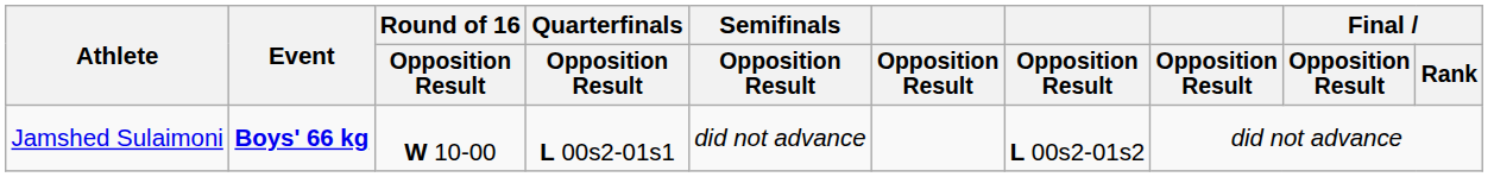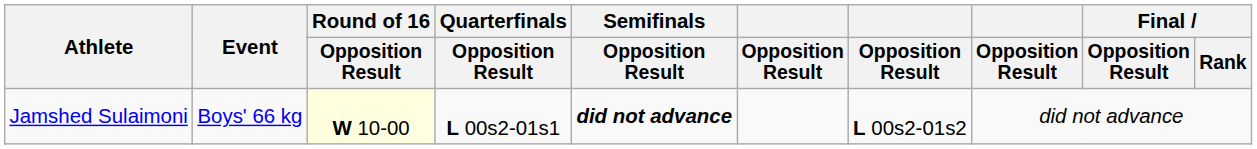 <table class="wikitable" style="text-align:center;font-size:90%">
 <tr>
 <th rowspan=2>Athlete</th>
 <th rowspan=2>Event</th>
 <th>Round of 16</th>
 <th>Quarterfinals</th>
 <th>Semifinals</th>
 <th></th>
 <th></th>
 <th></th>
 <th colspan=2>Final / </th>
 </tr>
 <tr style="font-size:95%">
 <th>Opposition<br>Result</th>
 <th>Opposition<br>Result</th>
 <th>Opposition<br>Result</th>
 <th>Opposition<br>Result</th>
 <th>Opposition<br>Result</th>
 <th>Opposition<br>Result</th>
 <th>Opposition<br>Result</th>
 <th>Rank</th>
 </tr>
 <tr>
 <td align=left><a href='#'>Jamshed Sulaimoni</a></td>
-<td align=left><strong><a href='#'>Boys' 66 kg</a></strong></td>
-<td><br> <strong>W</strong> 10-00</td>
+<td align=left><a href='#'>Boys' 66 kg</a></td>
+<td style="background: lightyellow;"><br> <strong>W</strong> 10-00</td>
 <td><br> <strong>L</strong> 00s2-01s1</td>
-<td><em>did not advance</em></td>
+<td><strong><em>did not advance</em></strong></td>
 <td></td>
 <td><br> <strong>L</strong> 00s2-01s2</td>
 <td Colspan=3><em>did not advance</em></td>
 </tr>
 </table>
